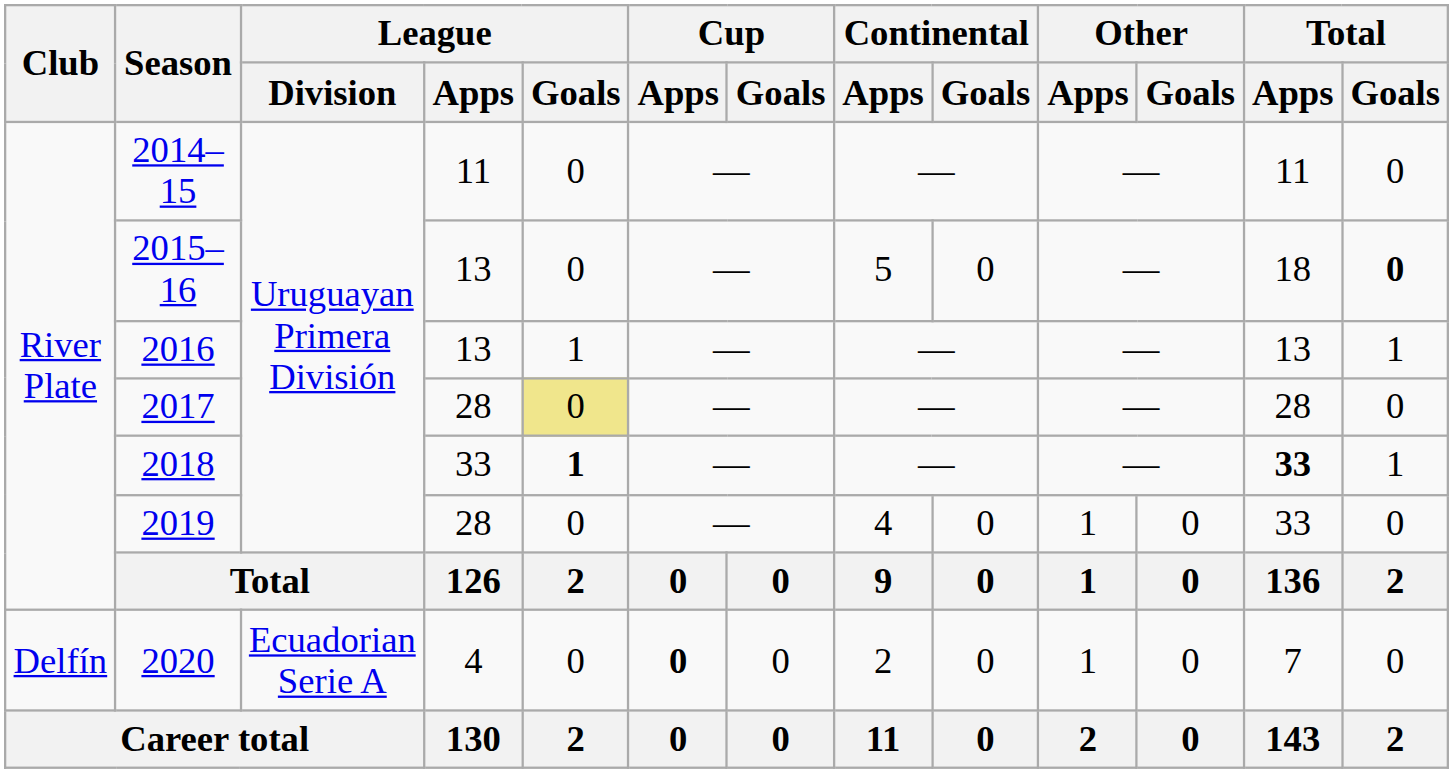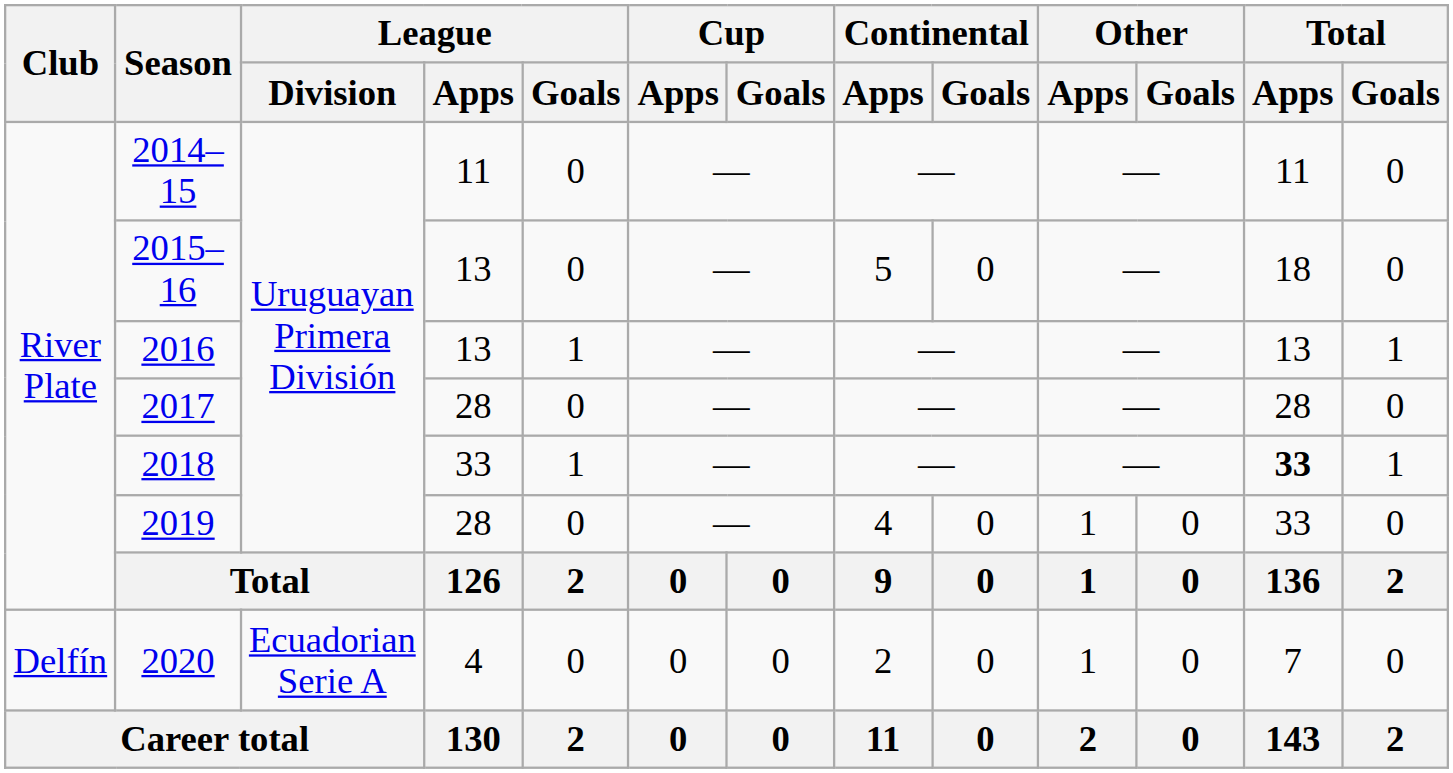 <table class="wikitable" style="text-align:center">
 <tr>
 <th rowspan="2">Club</th>
 <th rowspan="2">Season</th>
 <th colspan="3">League</th>
 <th colspan="2">Cup</th>
 <th colspan="2">Continental</th>
 <th colspan="2">Other</th>
 <th colspan="2">Total</th>
 </tr>
 <tr>
 <th>Division</th>
 <th>Apps</th>
 <th>Goals</th>
 <th>Apps</th>
 <th>Goals</th>
 <th>Apps</th>
 <th>Goals</th>
 <th>Apps</th>
 <th>Goals</th>
 <th>Apps</th>
 <th>Goals</th>
 </tr>
 <tr>
 <td rowspan="7"><a href='#'>River Plate</a></td>
 <td><a href='#'>2014–15</a></td>
 <td rowspan="6"><a href='#'>Uruguayan Primera División</a></td>
 <td>11</td>
 <td>0</td>
 <td colspan="2">—</td>
 <td colspan="2">—</td>
 <td colspan="2">—</td>
 <td>11</td>
 <td>0</td>
 </tr>
 <tr>
 <td><a href='#'>2015–16</a></td>
 <td>13</td>
 <td>0</td>
 <td colspan="2">—</td>
 <td>5</td>
 <td>0</td>
 <td colspan="2">—</td>
 <td>18</td>
-<td><strong>0</strong></td>
+<td>0</td>
 </tr>
 <tr>
 <td><a href='#'>2016</a></td>
 <td>13</td>
 <td>1</td>
 <td colspan="2">—</td>
 <td colspan="2">—</td>
 <td colspan="2">—</td>
 <td>13</td>
 <td>1</td>
 </tr>
 <tr>
 <td><a href='#'>2017</a></td>
 <td>28</td>
-<td style="background: khaki;">0</td>
+<td>0</td>
 <td colspan="2">—</td>
 <td colspan="2">—</td>
 <td colspan="2">—</td>
 <td>28</td>
 <td>0</td>
 </tr>
 <tr>
 <td><a href='#'>2018</a></td>
 <td>33</td>
-<td><strong>1</strong></td>
+<td>1</td>
 <td colspan="2">—</td>
 <td colspan="2">—</td>
 <td colspan="2">—</td>
 <td><strong>33</strong></td>
 <td>1</td>
 </tr>
 <tr>
 <td><a href='#'>2019</a></td>
 <td>28</td>
 <td>0</td>
 <td colspan="2">—</td>
 <td>4</td>
 <td>0</td>
 <td>1</td>
 <td>0</td>
 <td>33</td>
 <td>0</td>
 </tr>
 <tr>
 <th colspan="2">Total</th>
 <th>126</th>
 <th>2</th>
 <th>0</th>
 <th>0</th>
 <th>9</th>
 <th>0</th>
 <th>1</th>
 <th>0</th>
 <th>136</th>
 <th>2</th>
 </tr>
 <tr>
 <td><a href='#'>Delfín</a></td>
 <td><a href='#'>2020</a></td>
 <td rowspan="1"><a href='#'>Ecuadorian Serie A</a></td>
 <td>4</td>
 <td>0</td>
-<td><strong>0</strong></td>
+<td>0</td>
 <td>0</td>
 <td>2</td>
 <td>0</td>
 <td>1</td>
 <td>0</td>
 <td>7</td>
 <td>0</td>
 </tr>
 <tr>
 <th colspan="3">Career total</th>
 <th>130</th>
 <th>2</th>
 <th>0</th>
 <th>0</th>
 <th>11</th>
 <th>0</th>
 <th>2</th>
 <th>0</th>
 <th>143</th>
 <th>2</th>
 </tr>
 </table>
